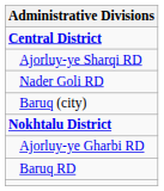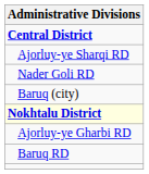 <table class="wikitable">
 <tr>
 <th>Administrative Divisions</th>
 </tr>
 <tr>
 <td><strong><a href='#'>Central District</a></strong></td>
 </tr>
 <tr>
 <td style="padding-left: 1em;"><a href='#'>Ajorluy-ye Sharqi RD</a></td>
 </tr>
 <tr>
 <td style="padding-left: 1em;"><a href='#'>Nader Goli RD</a></td>
 </tr>
 <tr>
 <td style="padding-left: 1em;"><a href='#'>Baruq</a> (city)</td>
 </tr>
 <tr>
-<td><strong><a href='#'>Nokhtalu District</a></strong></td>
+<td style="background: lightyellow;"><strong><a href='#'>Nokhtalu District</a></strong></td>
 </tr>
 <tr>
 <td style="padding-left: 1em;"><a href='#'>Ajorluy-ye Gharbi RD</a></td>
 </tr>
 <tr>
 <td style="padding-left: 1em;"><a href='#'>Baruq RD</a></td>
 </tr>
 <tr>
 <td colspan=1></td>
 </tr>
 </table>
